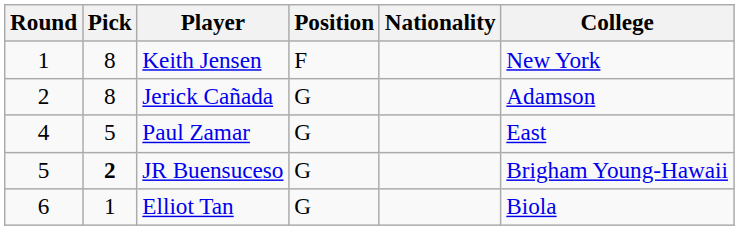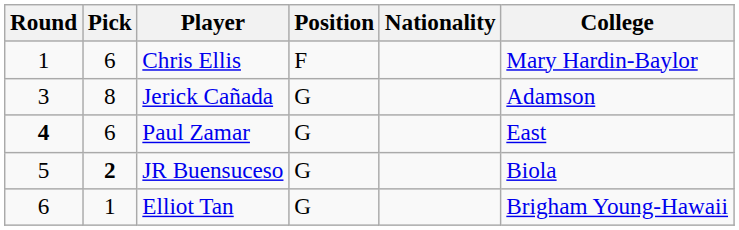 <table class="wikitable sortable sortable">
 <tr>
 <th>Round</th>
 <th>Pick</th>
 <th>Player</th>
 <th>Position</th>
 <th>Nationality</th>
 <th>College</th>
 </tr>
 <tr>
 <td align=center>1</td>
-<td align=center>8</td>
-<td><a href='#'>Keith Jensen</a></td>
+<td align=center>6</td>
+<td><a href='#'>Chris Ellis</a></td>
 <td>F</td>
 <td></td>
-<td><a href='#'>New York</a></td>
+<td><a href='#'>Mary Hardin-Baylor</a></td>
 </tr>
 <tr>
-<td align=center>2</td>
+<td align=center>3</td>
 <td align=center>8</td>
 <td><a href='#'>Jerick Cañada</a></td>
 <td>G</td>
 <td></td>
 <td><a href='#'>Adamson</a></td>
 </tr>
 <tr>
-<td align=center>4</td>
-<td align=center>5</td>
+<td align=center><strong>4</strong></td>
+<td align=center>6</td>
 <td><a href='#'>Paul Zamar</a></td>
 <td>G</td>
 <td></td>
 <td><a href='#'>East</a></td>
 </tr>
 <tr>
 <td align=center>5</td>
 <td align=center><strong>2</strong></td>
 <td><a href='#'>JR Buensuceso</a></td>
 <td>G</td>
 <td></td>
-<td><a href='#'>Brigham Young-Hawaii</a></td>
+<td><a href='#'>Biola</a></td>
 </tr>
 <tr>
 <td align=center>6</td>
 <td align=center>1</td>
 <td><a href='#'>Elliot Tan</a></td>
 <td>G</td>
 <td></td>
-<td><a href='#'>Biola</a></td>
+<td><a href='#'>Brigham Young-Hawaii</a></td>
 </tr>
 </table>
